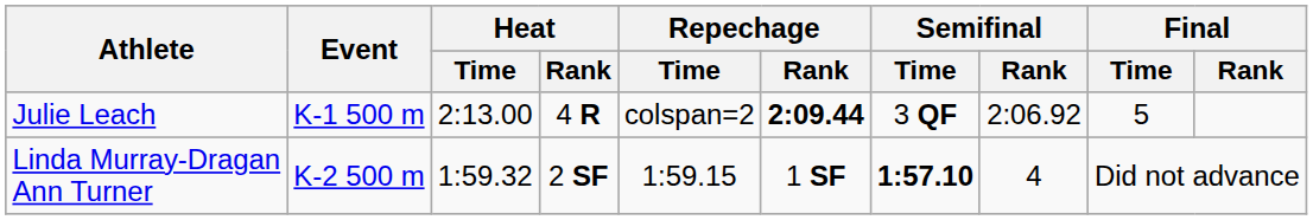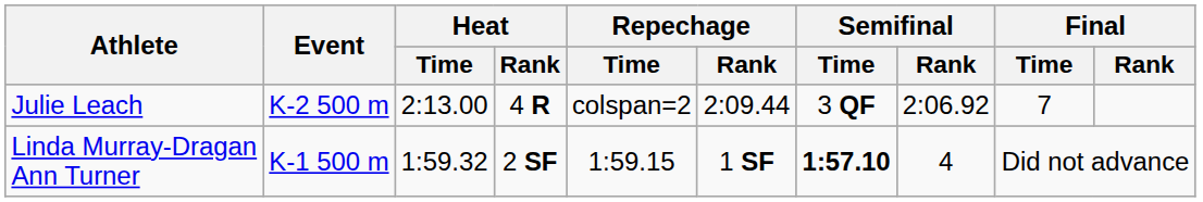 <table class=wikitable style=font-size:90%;text-align:center>
 <tr>
 <th rowspan=2>Athlete</th>
 <th rowspan=2>Event</th>
 <th colspan=2>Heat</th>
 <th colspan=2>Repechage</th>
 <th colspan=2>Semifinal</th>
 <th colspan=2>Final</th>
 </tr>
 <tr style=font-size:95%>
 <th>Time</th>
 <th>Rank</th>
 <th>Time</th>
 <th>Rank</th>
 <th>Time</th>
 <th>Rank</th>
 <th>Time</th>
 <th>Rank</th>
 </tr>
 <tr>
 <td align=left><a href='#'>Julie Leach</a></td>
-<td align=left><a href='#'>K-1 500 m</a></td>
+<td align=left><a href='#'>K-2 500 m</a></td>
 <td>2:13.00</td>
 <td>4 <strong>R</strong></td>
 <td>colspan=2 </td>
-<td><strong>2:09.44</strong></td>
+<td>2:09.44</td>
 <td>3 <strong>QF</strong></td>
 <td>2:06.92</td>
-<td>5</td>
+<td>7</td>
 </tr>
 <tr>
 <td align=left><a href='#'>Linda Murray-Dragan</a><br><a href='#'>Ann Turner</a></td>
-<td align=left><a href='#'>K-2 500 m</a></td>
+<td align=left><a href='#'>K-1 500 m</a></td>
 <td>1:59.32</td>
 <td>2 <strong>SF</strong></td>
 <td>1:59.15</td>
 <td>1 <strong>SF</strong></td>
 <td><strong>1:57.10</strong></td>
 <td>4</td>
 <td colspan=2>Did not advance</td>
 </tr>
 </table>
